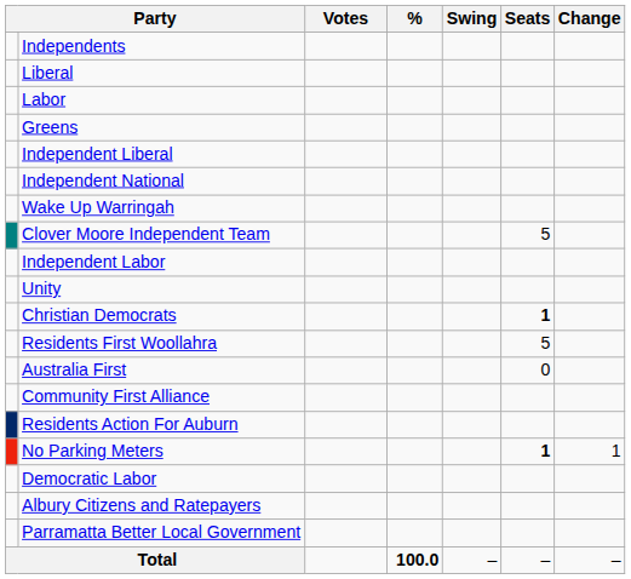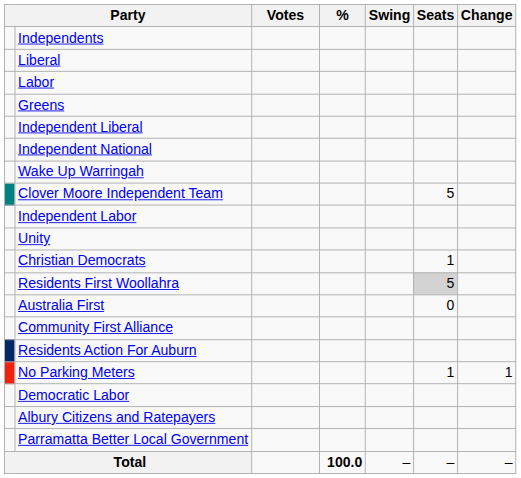 <table class="wikitable" style="text-align:right; margin-bottom:0">
 <tr>
 <th style="width:10px;" colspan=3>Party</th>
 <th style="width:70px;">Votes</th>
 <th style="width:40px;">%</th>
 <th style="width:40px;">Swing</th>
 <th style="width:40px;">Seats</th>
 <th style="width:40px;">Change</th>
 </tr>
 <tr>
 <td> </td>
 <td style="text-align:left;" colspan="2"><a href='#'>Independents</a></td>
 <td></td>
 <td></td>
 <td></td>
 <td></td>
 <td></td>
 </tr>
 <tr>
 <td> </td>
 <td style="text-align:left;" colspan="2"><a href='#'>Liberal</a></td>
 <td></td>
 <td></td>
 <td></td>
 <td></td>
 <td></td>
 </tr>
 <tr>
 <td> </td>
 <td style="text-align:left;" colspan="2"><a href='#'>Labor</a></td>
 <td style="width:70px;"></td>
 <td style="width:45px;"></td>
 <td style="width:45px;"></td>
 <td style="width:40px;"></td>
 <td style="width:55px;"></td>
 </tr>
 <tr>
 <td> </td>
 <td style="text-align:left;" colspan="2"><a href='#'>Greens</a></td>
 <td></td>
 <td></td>
 <td></td>
 <td></td>
 <td></td>
 </tr>
 <tr>
 <td> </td>
 <td style="text-align:left;" colspan="2"><a href='#'>Independent Liberal</a></td>
 <td></td>
 <td></td>
 <td></td>
 <td></td>
 <td></td>
 </tr>
 <tr>
 <td> </td>
 <td style="text-align:left;" colspan="2"><a href='#'>Independent National</a></td>
 <td></td>
 <td></td>
 <td></td>
 <td></td>
 <td></td>
 </tr>
 <tr>
 <td> </td>
 <td style="text-align:left;" colspan="2"><a href='#'>Wake Up Warringah</a></td>
 <td></td>
 <td></td>
 <td></td>
 <td></td>
 <td></td>
 </tr>
 <tr>
 <td bgcolor="#008080"> </td>
 <td style="text-align:left;" colspan="2"><a href='#'>Clover Moore Independent Team</a></td>
 <td></td>
 <td></td>
 <td></td>
 <td>5</td>
 <td></td>
 </tr>
 <tr>
 <td> </td>
 <td style="text-align:left;" colspan="2"><a href='#'>Independent Labor</a></td>
 <td></td>
 <td></td>
 <td></td>
 <td></td>
 <td></td>
 </tr>
 <tr>
 <td> </td>
 <td style="text-align:left;" colspan="2"><a href='#'>Unity</a></td>
 <td></td>
 <td></td>
 <td></td>
 <td></td>
 <td></td>
 </tr>
 <tr>
 <td> </td>
 <td style="text-align:left;" colspan="2"><a href='#'>Christian Democrats</a></td>
 <td></td>
 <td></td>
 <td></td>
-<td><strong>1</strong></td>
+<td>1</td>
 <td></td>
 </tr>
 <tr>
 <td> </td>
 <td style="text-align:left;" colspan="2"><a href='#'>Residents First Woollahra</a></td>
 <td></td>
 <td></td>
 <td></td>
-<td>5</td>
+<td style="background: lightgrey;">5</td>
 <td></td>
 </tr>
 <tr>
 <td> </td>
 <td style="text-align:left;" colspan="2"><a href='#'>Australia First</a></td>
 <td></td>
 <td></td>
 <td></td>
 <td>0</td>
 <td></td>
 </tr>
 <tr>
 <td> </td>
 <td style="text-align:left;" colspan="2"><a href='#'>Community First Alliance</a></td>
 <td></td>
 <td></td>
 <td></td>
 <td></td>
 <td></td>
 </tr>
 <tr>
 <td bgcolor=002768> </td>
 <td style="text-align:left;" colspan="2"><a href='#'>Residents Action For Auburn</a></td>
 <td></td>
 <td></td>
 <td></td>
 <td></td>
 <td></td>
 </tr>
 <tr>
 <td bgcolor=EE220D> </td>
 <td style="text-align:left;" colspan="2"><a href='#'>No Parking Meters</a></td>
 <td></td>
 <td></td>
 <td></td>
-<td><strong>1</strong></td>
+<td>1</td>
 <td> 1</td>
 </tr>
 <tr>
 <td> </td>
 <td style="text-align:left;" colspan="2"><a href='#'>Democratic Labor</a></td>
 <td></td>
 <td></td>
 <td></td>
 <td></td>
 <td></td>
 </tr>
 <tr>
 <td> </td>
 <td style="text-align:left;" colspan="2"><a href='#'>Albury Citizens and Ratepayers</a></td>
 <td></td>
 <td></td>
 <td></td>
 <td></td>
 <td></td>
 </tr>
 <tr>
 <td> </td>
 <td style="text-align:left;" colspan="2"><a href='#'>Parramatta Better Local Government</a></td>
 <td></td>
 <td></td>
 <td></td>
 <td></td>
 <td></td>
 </tr>
 <tr>
 <th colspan="3"> Total</th>
 <td></td>
 <td><strong>100.0</strong></td>
 <td>–</td>
 <td>–</td>
 <td>–</td>
 </tr>
 </table>
